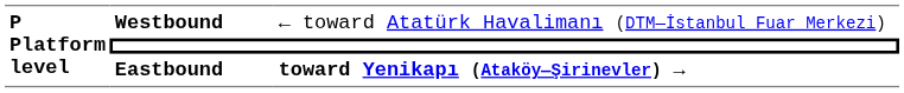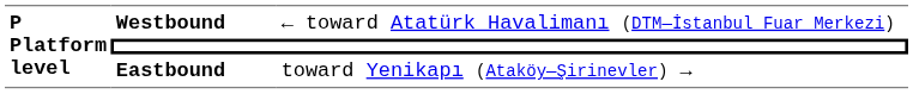 <table table border=0 cellspacing=0 cellpadding=3>
 <tr>
 <td style="border-top:solid 1px gray;border-bottom:solid 1px gray;" width=50 rowspan=3 valign=top><strong>P<br>Platform level</strong></td>
 <td style="border-top:solid 1px gray;" width=100><strong>Westbound</strong></td>
 <td style="border-top:solid 1px gray;" width=400>←  toward <a href='#'>Atatürk Havalimanı</a> <small>(<a href='#'>DTM—İstanbul Fuar Merkezi</a>)</small></td>
 </tr>
 <tr>
 <td style="border-top:solid 2px black;border-right:solid 2px black;border-left:solid 2px black;border-bottom:solid 2px black;text-align:center;" colspan=2></td>
 </tr>
 <tr>
 <td style="border-bottom:solid 1px gray;"><strong>Eastbound</strong></td>
-<td style="border-bottom:solid 1px gray;"><strong> toward <a href='#'>Yenikapı</a> <small>(<a href='#'>Ataköy—Şirinevler</a>)</small> →</strong></td>
+<td style="border-bottom:solid 1px gray;"> toward <a href='#'>Yenikapı</a> <small>(<a href='#'>Ataköy—Şirinevler</a>)</small> →</td>
 </tr>
 </table>
